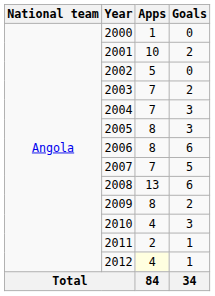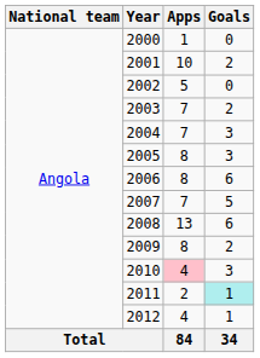 <table class="wikitable" style="text-align:center">
 <tr>
 <th>National team</th>
 <th>Year</th>
 <th>Apps</th>
 <th>Goals</th>
 </tr>
 <tr>
 <td rowspan="13"><a href='#'>Angola</a></td>
 <td>2000</td>
 <td>1</td>
 <td>0</td>
 </tr>
 <tr>
 <td>2001</td>
 <td>10</td>
 <td>2</td>
 </tr>
 <tr>
 <td>2002</td>
 <td>5</td>
 <td>0</td>
 </tr>
 <tr>
 <td>2003</td>
 <td>7</td>
 <td>2</td>
 </tr>
 <tr>
 <td>2004</td>
 <td>7</td>
 <td>3</td>
 </tr>
 <tr>
 <td>2005</td>
 <td>8</td>
 <td>3</td>
 </tr>
 <tr>
 <td>2006</td>
 <td>8</td>
 <td>6</td>
 </tr>
 <tr>
 <td>2007</td>
 <td>7</td>
 <td>5</td>
 </tr>
 <tr>
 <td>2008</td>
 <td>13</td>
 <td>6</td>
 </tr>
 <tr>
 <td>2009</td>
 <td>8</td>
 <td>2</td>
 </tr>
 <tr>
 <td>2010</td>
-<td>4</td>
+<td style="background: pink;">4</td>
 <td>3</td>
 </tr>
 <tr>
 <td>2011</td>
 <td>2</td>
-<td>1</td>
+<td style="background: paleturquoise;">1</td>
 </tr>
 <tr>
 <td>2012</td>
-<td style="background: lightyellow;">4</td>
+<td>4</td>
 <td>1</td>
 </tr>
 <tr>
 <th colspan="2">Total</th>
 <th>84</th>
 <th>34</th>
 </tr>
 </table>
